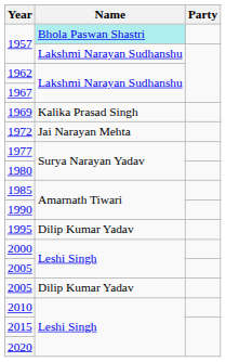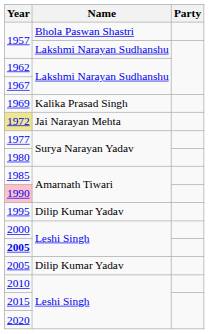 <table class="wikitable sortable">
 <tr>
 <th>Year</th>
 <th>Name</th>
 <th colspan="2">Party</th>
 </tr>
 <tr>
 <td rowspan="2"><a href='#'>1957</a></td>
-<td style="background: paleturquoise;"><a href='#'>Bhola Paswan Shastri</a></td>
+<td><a href='#'>Bhola Paswan Shastri</a></td>
 <td></td>
 </tr>
 <tr>
 <td><a href='#'>Lakshmi Narayan Sudhanshu</a></td>
 </tr>
 <tr>
 <td><a href='#'>1962</a></td>
 <td rowspan="2"><a href='#'>Lakshmi Narayan Sudhanshu</a></td>
 </tr>
 <tr>
 <td><a href='#'>1967</a></td>
 </tr>
 <tr>
 <td><a href='#'>1969</a></td>
 <td>Kalika Prasad Singh</td>
 <td></td>
 </tr>
 <tr>
-<td><a href='#'>1972</a></td>
+<td style="background: khaki;"><a href='#'>1972</a></td>
 <td>Jai Narayan Mehta</td>
 <td></td>
 </tr>
 <tr>
 <td><a href='#'>1977</a></td>
 <td rowspan="2">Surya Narayan Yadav</td>
 <td></td>
 </tr>
 <tr>
 <td><a href='#'>1980</a></td>
 <td></td>
 </tr>
 <tr>
 <td><a href='#'>1985</a></td>
 <td rowspan="2">Amarnath Tiwari</td>
 <td></td>
 </tr>
 <tr>
-<td><a href='#'>1990</a></td>
+<td style="background: pink;"><a href='#'>1990</a></td>
 </tr>
 <tr>
 <td><a href='#'>1995</a></td>
 <td>Dilip Kumar Yadav</td>
 <td></td>
 </tr>
 <tr>
 <td><a href='#'>2000</a></td>
 <td rowspan="2"><a href='#'>Leshi Singh</a></td>
 <td></td>
 </tr>
 <tr>
-<td><a href='#'>2005</a></td>
+<td><strong><a href='#'>2005</a></strong></td>
 <td></td>
 </tr>
 <tr>
 <td><a href='#'>2005</a></td>
 <td>Dilip Kumar Yadav</td>
 <td></td>
 </tr>
 <tr>
 <td><a href='#'>2010</a></td>
 <td rowspan="3"><a href='#'>Leshi Singh</a></td>
 <td></td>
 </tr>
 <tr>
 <td><a href='#'>2015</a></td>
 </tr>
 <tr>
 <td><a href='#'>2020</a></td>
 </tr>
 </table>
